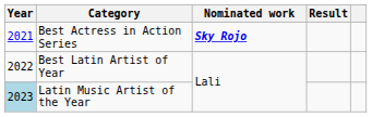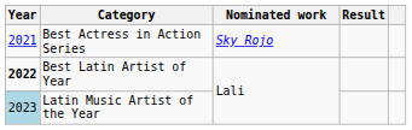 <table class="wikitable plainrowheaders" style="width:70%;">
 <tr>
 <th scope="col" style="width:4%;">Year</th>
 <th scope="col" style="width:50%;">Category</th>
 <th scope="col" style="width:35%;">Nominated work</th>
 <th scope="col" style="width:6%;">Result</th>
 <th scope="col" style="width:6%;"></th>
 </tr>
 <tr>
 <td align=center><a href='#'>2021</a></td>
 <td>Best Actress in Action Series</td>
-<td><strong><em><a href='#'>Sky Rojo</a></em></strong></td>
+<td><em><a href='#'>Sky Rojo</a></em></td>
 <td></td>
 <td align=center></td>
 </tr>
 <tr>
-<td>2022</td>
+<td><strong>2022</strong></td>
 <td>Best Latin Artist of Year</td>
 <td rowspan="2">Lali</td>
 <td></td>
 <td align=center></td>
 </tr>
 <tr>
 <td style="background: lightblue;">2023</td>
 <td>Latin Music Artist of the Year</td>
 <td></td>
 <td></td>
 </tr>
 </table>
